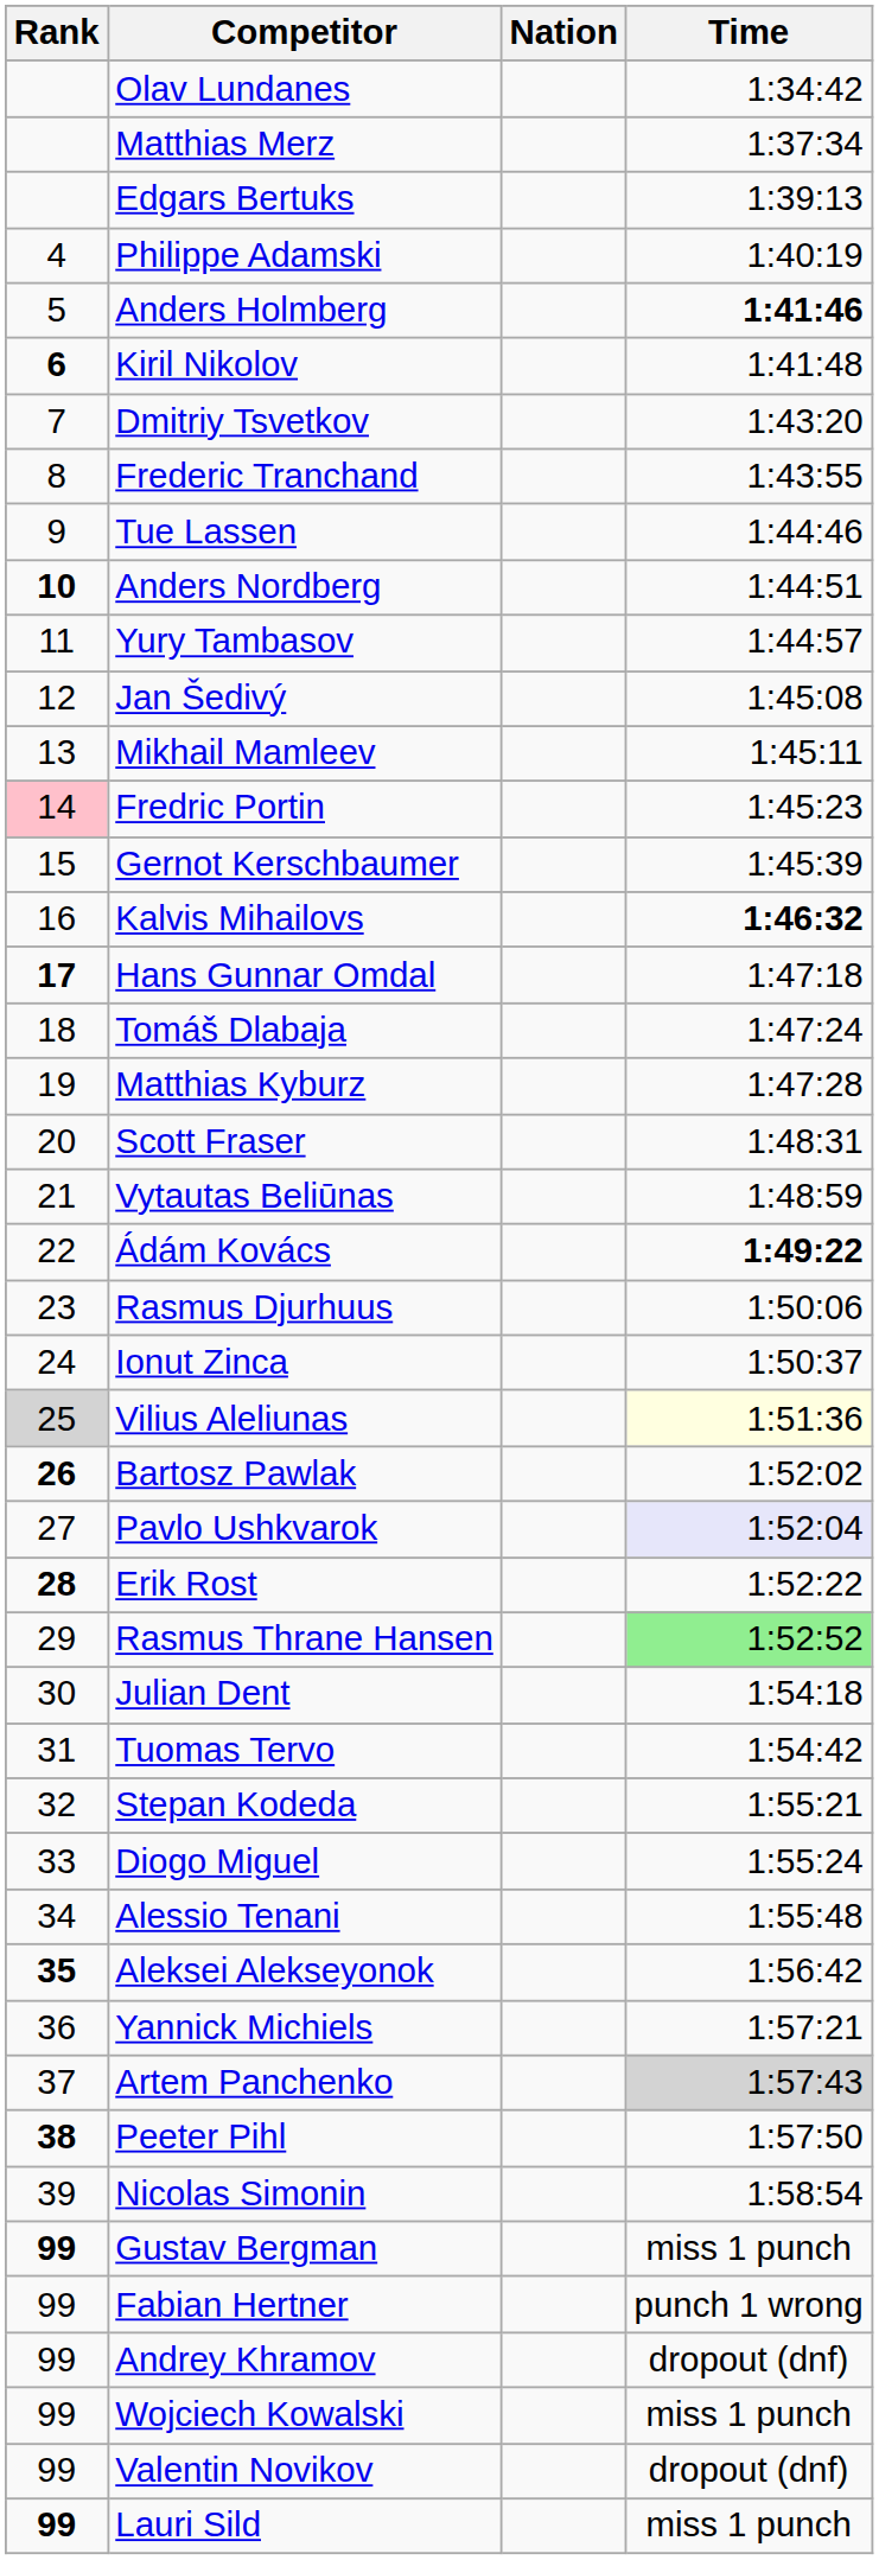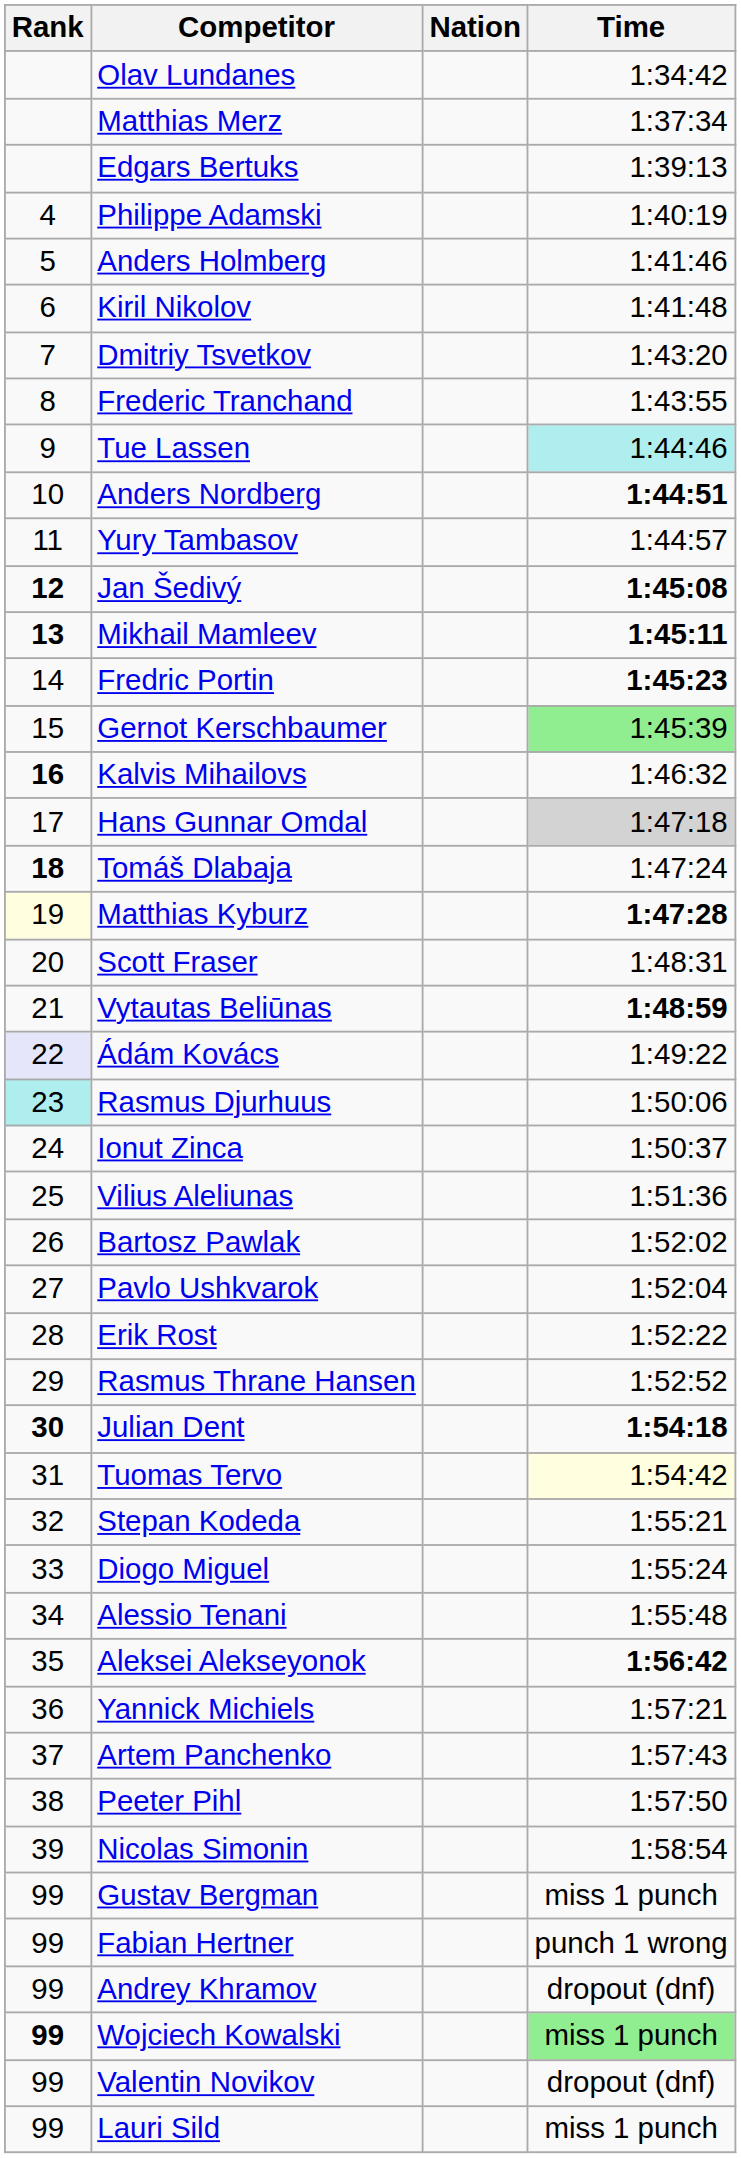 <table class="wikitable sortable" style="text-align:left">
 <tr>
 <th data-sort-type="number">Rank</th>
 <th class="unsortable">Competitor</th>
 <th>Nation</th>
 <th>Time</th>
 </tr>
 <tr>
 <td style="text-align:center"></td>
 <td><a href='#'>Olav Lundanes</a></td>
 <td></td>
 <td style="text-align:right">1:34:42</td>
 </tr>
 <tr>
 <td style="text-align:center"></td>
 <td><a href='#'>Matthias Merz</a></td>
 <td></td>
 <td style="text-align:right">1:37:34</td>
 </tr>
 <tr>
 <td style="text-align:center"></td>
 <td><a href='#'>Edgars Bertuks</a></td>
 <td></td>
 <td style="text-align:right">1:39:13</td>
 </tr>
 <tr>
 <td style="text-align:center">4</td>
 <td><a href='#'>Philippe Adamski</a></td>
 <td></td>
 <td style="text-align:right">1:40:19</td>
 </tr>
 <tr>
 <td style="text-align:center">5</td>
 <td><a href='#'>Anders Holmberg</a></td>
 <td></td>
-<td style="text-align:right"><strong>1:41:46</strong></td>
+<td style="text-align:right">1:41:46</td>
 </tr>
 <tr>
-<td style="text-align:center"><strong>6</strong></td>
+<td style="text-align:center">6</td>
 <td><a href='#'>Kiril Nikolov</a></td>
 <td></td>
 <td style="text-align:right">1:41:48</td>
 </tr>
 <tr>
 <td style="text-align:center">7</td>
 <td><a href='#'>Dmitriy Tsvetkov</a></td>
 <td></td>
 <td style="text-align:right">1:43:20</td>
 </tr>
 <tr>
 <td style="text-align:center">8</td>
 <td><a href='#'>Frederic Tranchand</a></td>
 <td></td>
 <td style="text-align:right">1:43:55</td>
 </tr>
 <tr>
 <td style="text-align:center">9</td>
 <td><a href='#'>Tue Lassen</a></td>
 <td></td>
-<td style="text-align:right">1:44:46</td>
+<td style="background: paleturquoise; text-align:right">1:44:46</td>
 </tr>
 <tr>
-<td style="text-align:center"><strong>10</strong></td>
+<td style="text-align:center">10</td>
 <td><a href='#'>Anders Nordberg</a></td>
 <td></td>
-<td style="text-align:right">1:44:51</td>
+<td style="text-align:right"><strong>1:44:51</strong></td>
 </tr>
 <tr>
 <td style="text-align:center">11</td>
 <td><a href='#'>Yury Tambasov</a></td>
 <td></td>
 <td style="text-align:right">1:44:57</td>
 </tr>
 <tr>
-<td style="text-align:center">12</td>
+<td style="text-align:center"><strong>12</strong></td>
 <td><a href='#'>Jan Šedivý</a></td>
 <td></td>
-<td style="text-align:right">1:45:08</td>
+<td style="text-align:right"><strong>1:45:08</strong></td>
 </tr>
 <tr>
-<td style="text-align:center">13</td>
+<td style="text-align:center"><strong>13</strong></td>
 <td><a href='#'>Mikhail Mamleev</a></td>
 <td></td>
-<td style="text-align:right">1:45:11</td>
+<td style="text-align:right"><strong>1:45:11</strong></td>
 </tr>
 <tr>
-<td style="background: pink; text-align:center">14</td>
+<td style="text-align:center">14</td>
 <td><a href='#'>Fredric Portin</a></td>
 <td></td>
-<td style="text-align:right">1:45:23</td>
+<td style="text-align:right"><strong>1:45:23</strong></td>
 </tr>
 <tr>
 <td style="text-align:center">15</td>
 <td><a href='#'>Gernot Kerschbaumer</a></td>
 <td></td>
-<td style="text-align:right">1:45:39</td>
+<td style="background: lightgreen; text-align:right">1:45:39</td>
 </tr>
 <tr>
-<td style="text-align:center">16</td>
+<td style="text-align:center"><strong>16</strong></td>
 <td><a href='#'>Kalvis Mihailovs</a></td>
 <td></td>
-<td style="text-align:right"><strong>1:46:32</strong></td>
+<td style="text-align:right">1:46:32</td>
 </tr>
 <tr>
-<td style="text-align:center"><strong>17</strong></td>
+<td style="text-align:center">17</td>
 <td><a href='#'>Hans Gunnar Omdal</a></td>
 <td></td>
-<td style="text-align:right">1:47:18</td>
+<td style="background: lightgrey; text-align:right">1:47:18</td>
 </tr>
 <tr>
-<td style="text-align:center">18</td>
+<td style="text-align:center"><strong>18</strong></td>
 <td><a href='#'>Tomáš Dlabaja</a></td>
 <td></td>
 <td style="text-align:right">1:47:24</td>
 </tr>
 <tr>
-<td style="text-align:center">19</td>
+<td style="background: lightyellow; text-align:center">19</td>
 <td><a href='#'>Matthias Kyburz</a></td>
 <td></td>
-<td style="text-align:right">1:47:28</td>
+<td style="text-align:right"><strong>1:47:28</strong></td>
 </tr>
 <tr>
 <td style="text-align:center">20</td>
 <td><a href='#'>Scott Fraser</a></td>
 <td></td>
 <td style="text-align:right">1:48:31</td>
 </tr>
 <tr>
 <td style="text-align:center">21</td>
 <td><a href='#'>Vytautas Beliūnas</a></td>
 <td></td>
-<td style="text-align:right">1:48:59</td>
+<td style="text-align:right"><strong>1:48:59</strong></td>
 </tr>
 <tr>
-<td style="text-align:center">22</td>
+<td style="background: lavender; text-align:center">22</td>
 <td><a href='#'>Ádám Kovács</a></td>
 <td></td>
-<td style="text-align:right"><strong>1:49:22</strong></td>
+<td style="text-align:right">1:49:22</td>
 </tr>
 <tr>
-<td style="text-align:center">23</td>
+<td style="background: paleturquoise; text-align:center">23</td>
 <td><a href='#'>Rasmus Djurhuus</a></td>
 <td></td>
 <td style="text-align:right">1:50:06</td>
 </tr>
 <tr>
 <td style="text-align:center">24</td>
 <td><a href='#'>Ionut Zinca</a></td>
 <td></td>
 <td style="text-align:right">1:50:37</td>
 </tr>
 <tr>
-<td style="background: lightgrey; text-align:center">25</td>
+<td style="text-align:center">25</td>
 <td><a href='#'>Vilius Aleliunas</a></td>
 <td></td>
-<td style="background: lightyellow; text-align:right">1:51:36</td>
+<td style="text-align:right">1:51:36</td>
 </tr>
 <tr>
-<td style="text-align:center"><strong>26</strong></td>
+<td style="text-align:center">26</td>
 <td><a href='#'>Bartosz Pawlak</a></td>
 <td></td>
 <td style="text-align:right">1:52:02</td>
 </tr>
 <tr>
 <td style="text-align:center">27</td>
 <td><a href='#'>Pavlo Ushkvarok</a></td>
 <td></td>
-<td style="background: lavender; text-align:right">1:52:04</td>
+<td style="text-align:right">1:52:04</td>
 </tr>
 <tr>
-<td style="text-align:center"><strong>28</strong></td>
+<td style="text-align:center">28</td>
 <td><a href='#'>Erik Rost</a></td>
 <td></td>
 <td style="text-align:right">1:52:22</td>
 </tr>
 <tr>
 <td style="text-align:center">29</td>
 <td><a href='#'>Rasmus Thrane Hansen</a></td>
 <td></td>
-<td style="background: lightgreen; text-align:right">1:52:52</td>
+<td style="text-align:right">1:52:52</td>
 </tr>
 <tr>
-<td style="text-align:center">30</td>
+<td style="text-align:center"><strong>30</strong></td>
 <td><a href='#'>Julian Dent</a></td>
 <td></td>
-<td style="text-align:right">1:54:18</td>
+<td style="text-align:right"><strong>1:54:18</strong></td>
 </tr>
 <tr>
 <td style="text-align:center">31</td>
 <td><a href='#'>Tuomas Tervo</a></td>
 <td></td>
-<td style="text-align:right">1:54:42</td>
+<td style="background: lightyellow; text-align:right">1:54:42</td>
 </tr>
 <tr>
 <td style="text-align:center">32</td>
 <td><a href='#'>Stepan Kodeda</a></td>
 <td></td>
 <td style="text-align:right">1:55:21</td>
 </tr>
 <tr>
 <td style="text-align:center">33</td>
 <td><a href='#'>Diogo Miguel</a></td>
 <td></td>
 <td style="text-align:right">1:55:24</td>
 </tr>
 <tr>
 <td style="text-align:center">34</td>
 <td><a href='#'>Alessio Tenani</a></td>
 <td></td>
 <td style="text-align:right">1:55:48</td>
 </tr>
 <tr>
-<td style="text-align:center"><strong>35</strong></td>
+<td style="text-align:center">35</td>
 <td><a href='#'>Aleksei Alekseyonok</a></td>
 <td></td>
-<td style="text-align:right">1:56:42</td>
+<td style="text-align:right"><strong>1:56:42</strong></td>
 </tr>
 <tr>
 <td style="text-align:center">36</td>
 <td><a href='#'>Yannick Michiels</a></td>
 <td></td>
 <td style="text-align:right">1:57:21</td>
 </tr>
 <tr>
 <td style="text-align:center">37</td>
 <td><a href='#'>Artem Panchenko</a></td>
 <td></td>
-<td style="background: lightgrey; text-align:right">1:57:43</td>
+<td style="text-align:right">1:57:43</td>
 </tr>
 <tr>
-<td style="text-align:center"><strong>38</strong></td>
+<td style="text-align:center">38</td>
 <td><a href='#'>Peeter Pihl</a></td>
 <td></td>
 <td style="text-align:right">1:57:50</td>
 </tr>
 <tr>
 <td style="text-align:center">39</td>
 <td><a href='#'>Nicolas Simonin</a></td>
 <td></td>
 <td style="text-align:right">1:58:54</td>
 </tr>
 <tr>
-<td style="text-align:center"><strong><span>99</span></strong></td>
+<td style="text-align:center"><span>99</span></td>
 <td><a href='#'>Gustav Bergman</a></td>
 <td></td>
 <td style="text-align:center">miss 1 punch</td>
 </tr>
 <tr>
 <td style="text-align:center"><span>99</span></td>
 <td><a href='#'>Fabian Hertner</a></td>
 <td></td>
 <td style="text-align:center">punch 1 wrong</td>
 </tr>
 <tr>
 <td style="text-align:center"><span>99</span></td>
 <td><a href='#'>Andrey Khramov</a></td>
 <td></td>
 <td style="text-align:center">dropout (dnf)</td>
 </tr>
 <tr>
-<td style="text-align:center"><span>99</span></td>
+<td style="text-align:center"><strong><span>99</span></strong></td>
 <td><a href='#'>Wojciech Kowalski</a></td>
 <td></td>
-<td style="text-align:center">miss 1 punch</td>
+<td style="background: lightgreen; text-align:center">miss 1 punch</td>
 </tr>
 <tr>
 <td style="text-align:center"><span>99</span></td>
 <td><a href='#'>Valentin Novikov</a></td>
 <td></td>
 <td style="text-align:center">dropout (dnf)</td>
 </tr>
 <tr>
-<td style="text-align:center"><strong><span>99</span></strong></td>
+<td style="text-align:center"><span>99</span></td>
 <td><a href='#'>Lauri Sild</a></td>
 <td></td>
 <td style="text-align:center">miss 1 punch</td>
 </tr>
 </table>
